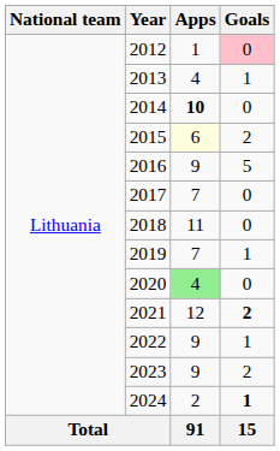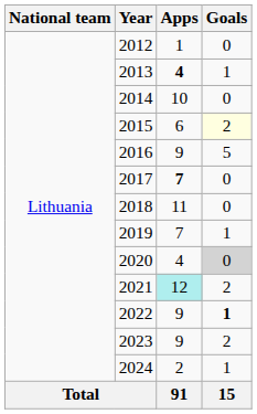 <table class="wikitable" style="text-align:center">
 <tr>
 <th>National team</th>
 <th>Year</th>
 <th>Apps</th>
 <th>Goals</th>
 </tr>
 <tr>
 <td rowspan="13"><a href='#'>Lithuania</a></td>
 <td>2012</td>
 <td>1</td>
-<td style="background: pink;">0</td>
+<td>0</td>
 </tr>
 <tr>
 <td>2013</td>
-<td>4</td>
+<td><strong>4</strong></td>
 <td>1</td>
 </tr>
 <tr>
 <td>2014</td>
-<td><strong>10</strong></td>
+<td>10</td>
 <td>0</td>
 </tr>
 <tr>
 <td>2015</td>
-<td style="background: lightyellow;">6</td>
-<td>2</td>
+<td>6</td>
+<td style="background: lightyellow;">2</td>
 </tr>
 <tr>
 <td>2016</td>
 <td>9</td>
 <td>5</td>
 </tr>
 <tr>
 <td>2017</td>
-<td>7</td>
+<td><strong>7</strong></td>
 <td>0</td>
 </tr>
 <tr>
 <td>2018</td>
 <td>11</td>
 <td>0</td>
 </tr>
 <tr>
 <td>2019</td>
 <td>7</td>
 <td>1</td>
 </tr>
 <tr>
 <td>2020</td>
-<td style="background: lightgreen;">4</td>
-<td>0</td>
+<td>4</td>
+<td style="background: lightgrey;">0</td>
 </tr>
 <tr>
 <td>2021</td>
-<td>12</td>
-<td><strong>2</strong></td>
+<td style="background: paleturquoise;">12</td>
+<td>2</td>
 </tr>
 <tr>
 <td>2022</td>
 <td>9</td>
-<td>1</td>
+<td><strong>1</strong></td>
 </tr>
 <tr>
 <td>2023</td>
 <td>9</td>
 <td>2</td>
 </tr>
 <tr>
 <td>2024</td>
 <td>2</td>
-<td><strong>1</strong></td>
+<td>1</td>
 </tr>
 <tr>
 <th colspan="2">Total</th>
 <th>91</th>
 <th>15</th>
 </tr>
 </table>
